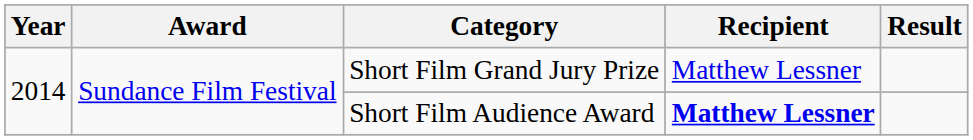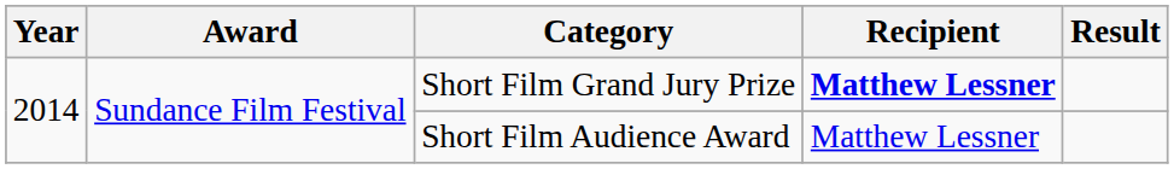 <table class="wikitable sortable" style="margin:1em auto;">
 <tr>
 <th>Year</th>
 <th>Award</th>
 <th>Category</th>
 <th>Recipient</th>
 <th>Result</th>
 </tr>
 <tr>
 <td rowspan="2">2014</td>
 <td rowspan="2"><a href='#'>Sundance Film Festival</a></td>
 <td>Short Film Grand Jury Prize</td>
-<td><a href='#'>Matthew Lessner</a></td>
+<td><strong><a href='#'>Matthew Lessner</a></strong></td>
 <td></td>
 </tr>
 <tr>
 <td>Short Film Audience Award</td>
-<td><strong><a href='#'>Matthew Lessner</a></strong></td>
+<td><a href='#'>Matthew Lessner</a></td>
 <td></td>
 </tr>
 </table>
